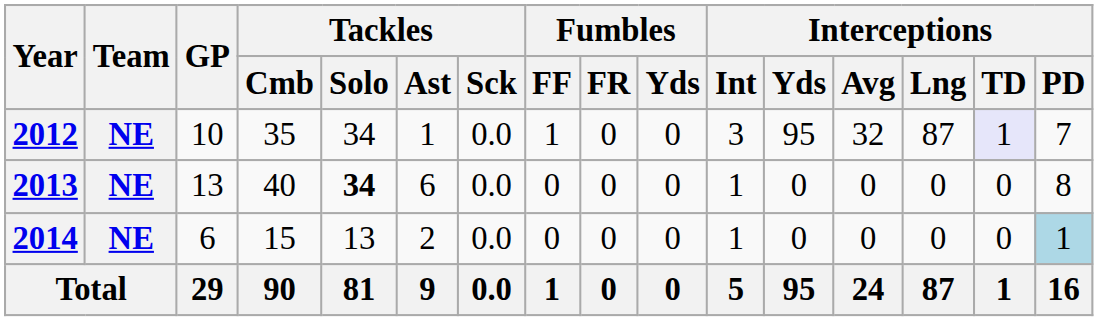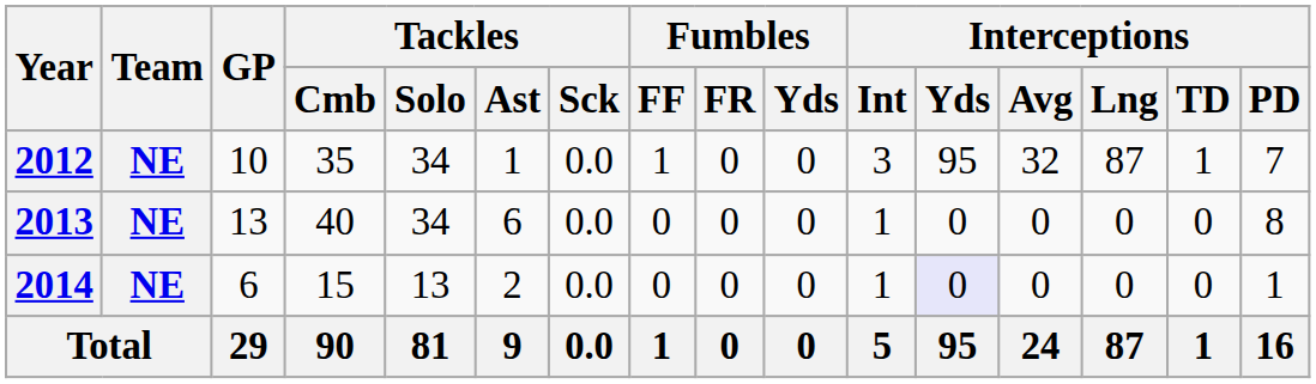 <table class="wikitable" style="text-align:center;">
 <tr>
 <th rowspan="2">Year</th>
 <th rowspan="2">Team</th>
 <th rowspan="2">GP</th>
 <th colspan="4">Tackles</th>
 <th colspan="3">Fumbles</th>
 <th colspan="6">Interceptions</th>
 </tr>
 <tr>
 <th>Cmb</th>
 <th>Solo</th>
 <th>Ast</th>
 <th>Sck</th>
 <th>FF</th>
 <th>FR</th>
 <th>Yds</th>
 <th>Int</th>
 <th>Yds</th>
 <th>Avg</th>
 <th>Lng</th>
 <th>TD</th>
 <th>PD</th>
 </tr>
 <tr>
 <th><a href='#'>2012</a></th>
 <th><a href='#'>NE</a></th>
 <td>10</td>
 <td>35</td>
 <td>34</td>
 <td>1</td>
 <td>0.0</td>
 <td>1</td>
 <td>0</td>
 <td>0</td>
 <td>3</td>
 <td>95</td>
 <td>32</td>
 <td>87</td>
-<td style="background: lavender;">1</td>
+<td>1</td>
 <td>7</td>
 </tr>
 <tr>
 <th><a href='#'>2013</a></th>
 <th><a href='#'>NE</a></th>
 <td>13</td>
 <td>40</td>
-<td><strong>34</strong></td>
+<td>34</td>
 <td>6</td>
 <td>0.0</td>
 <td>0</td>
 <td>0</td>
 <td>0</td>
 <td>1</td>
 <td>0</td>
 <td>0</td>
 <td>0</td>
 <td>0</td>
 <td>8</td>
 </tr>
 <tr>
 <th><a href='#'>2014</a></th>
 <th><a href='#'>NE</a></th>
 <td>6</td>
 <td>15</td>
 <td>13</td>
 <td>2</td>
 <td>0.0</td>
 <td>0</td>
 <td>0</td>
 <td>0</td>
 <td>1</td>
+<td style="background: lavender;">0</td>
 <td>0</td>
 <td>0</td>
 <td>0</td>
-<td>0</td>
-<td style="background: lightblue;">1</td>
+<td>1</td>
 </tr>
 <tr>
 <th colspan="2">Total</th>
 <th>29</th>
 <th>90</th>
 <th>81</th>
 <th>9</th>
 <th>0.0</th>
 <th>1</th>
 <th>0</th>
 <th>0</th>
 <th>5</th>
 <th>95</th>
 <th>24</th>
 <th>87</th>
 <th>1</th>
 <th>16</th>
 </tr>
 </table>
